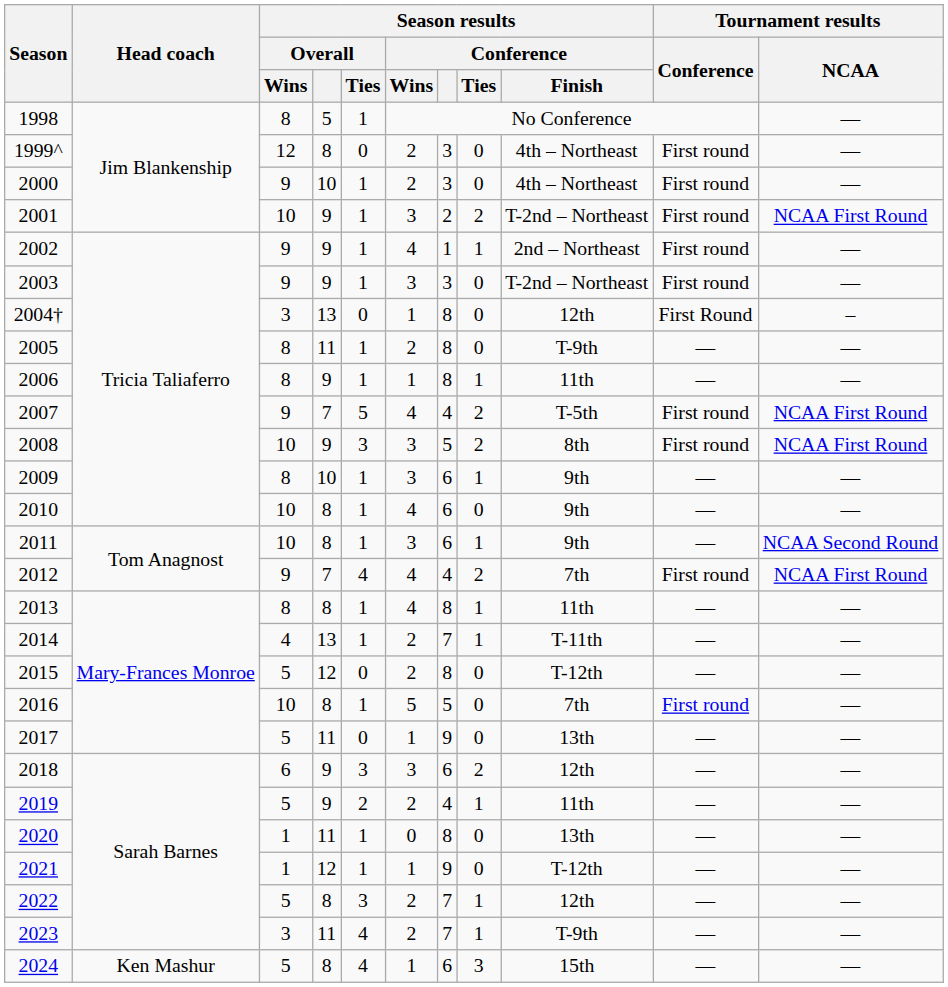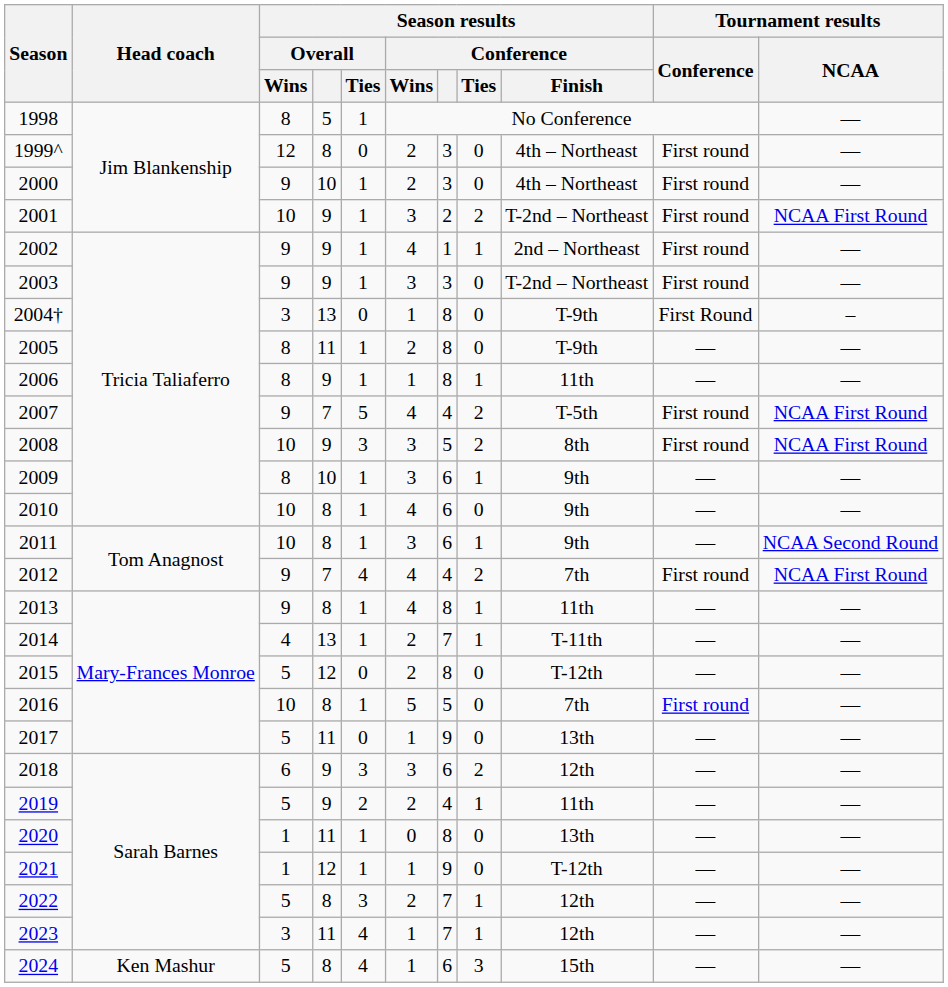 <table class="wikitable" style="font-size: 95%; text-align:center;">
 <tr>
 <th rowspan=3>Season</th>
 <th rowspan=3>Head coach</th>
 <th colspan=7>Season results</th>
 <th colspan=2>Tournament results</th>
 </tr>
 <tr>
 <th colspan=3>Overall</th>
 <th colspan=4>Conference</th>
 <th rowspan=2>Conference</th>
 <th rowspan=2>NCAA</th>
 </tr>
 <tr>
 <th>Wins</th>
 <th></th>
 <th>Ties</th>
 <th>Wins</th>
 <th></th>
 <th>Ties</th>
 <th>Finish</th>
 </tr>
 <tr>
 <td>1998</td>
 <td rowspan=4>Jim Blankenship</td>
 <td>8</td>
 <td>5</td>
 <td>1</td>
 <td colspan=5>No Conference</td>
 <td>—</td>
 </tr>
 <tr>
 <td>1999^</td>
 <td>12</td>
 <td>8</td>
 <td>0</td>
 <td>2</td>
 <td>3</td>
 <td>0</td>
 <td>4th – Northeast</td>
 <td>First round</td>
 <td>—</td>
 </tr>
 <tr>
 <td>2000</td>
 <td>9</td>
 <td>10</td>
 <td>1</td>
 <td>2</td>
 <td>3</td>
 <td>0</td>
 <td>4th – Northeast</td>
 <td>First round</td>
 <td>—</td>
 </tr>
 <tr>
 <td>2001</td>
 <td>10</td>
 <td>9</td>
 <td>1</td>
 <td>3</td>
 <td>2</td>
 <td>2</td>
 <td>T-2nd – Northeast</td>
 <td>First round</td>
 <td><a href='#'>NCAA First Round</a></td>
 </tr>
 <tr>
 <td>2002</td>
 <td rowspan=9>Tricia Taliaferro</td>
 <td>9</td>
 <td>9</td>
 <td>1</td>
 <td>4</td>
 <td>1</td>
 <td>1</td>
 <td>2nd – Northeast</td>
 <td>First round</td>
 <td>—</td>
 </tr>
 <tr>
 <td>2003</td>
 <td>9</td>
 <td>9</td>
 <td>1</td>
 <td>3</td>
 <td>3</td>
 <td>0</td>
 <td>T-2nd – Northeast</td>
 <td>First round</td>
 <td>—</td>
 </tr>
 <tr>
 <td>2004†</td>
 <td>3</td>
 <td>13</td>
 <td>0</td>
 <td>1</td>
 <td>8</td>
 <td>0</td>
-<td>12th</td>
+<td>T-9th</td>
 <td>First Round</td>
 <td>–</td>
 </tr>
 <tr>
 <td>2005</td>
 <td>8</td>
 <td>11</td>
 <td>1</td>
 <td>2</td>
 <td>8</td>
 <td>0</td>
 <td>T-9th</td>
 <td>—</td>
 <td>—</td>
 </tr>
 <tr>
 <td>2006</td>
 <td>8</td>
 <td>9</td>
 <td>1</td>
 <td>1</td>
 <td>8</td>
 <td>1</td>
 <td>11th</td>
 <td>—</td>
 <td>—</td>
 </tr>
 <tr>
 <td>2007</td>
 <td>9</td>
 <td>7</td>
 <td>5</td>
 <td>4</td>
 <td>4</td>
 <td>2</td>
 <td>T-5th</td>
 <td>First round</td>
 <td><a href='#'>NCAA First Round</a></td>
 </tr>
 <tr>
 <td>2008</td>
 <td>10</td>
 <td>9</td>
 <td>3</td>
 <td>3</td>
 <td>5</td>
 <td>2</td>
 <td>8th</td>
 <td>First round</td>
 <td><a href='#'>NCAA First Round</a></td>
 </tr>
 <tr>
 <td>2009</td>
 <td>8</td>
 <td>10</td>
 <td>1</td>
 <td>3</td>
 <td>6</td>
 <td>1</td>
 <td>9th</td>
 <td>—</td>
 <td>—</td>
 </tr>
 <tr>
 <td>2010</td>
 <td>10</td>
 <td>8</td>
 <td>1</td>
 <td>4</td>
 <td>6</td>
 <td>0</td>
 <td>9th</td>
 <td>—</td>
 <td>—</td>
 </tr>
 <tr>
 <td>2011</td>
 <td rowspan=2>Tom Anagnost</td>
 <td>10</td>
 <td>8</td>
 <td>1</td>
 <td>3</td>
 <td>6</td>
 <td>1</td>
 <td>9th</td>
 <td>—</td>
 <td><a href='#'>NCAA Second Round</a></td>
 </tr>
 <tr>
 <td>2012</td>
 <td>9</td>
 <td>7</td>
 <td>4</td>
 <td>4</td>
 <td>4</td>
 <td>2</td>
 <td>7th</td>
 <td>First round</td>
 <td><a href='#'>NCAA First Round</a></td>
 </tr>
 <tr>
 <td>2013</td>
 <td rowspan=5><a href='#'>Mary-Frances Monroe</a></td>
-<td>8</td>
+<td>9</td>
 <td>8</td>
 <td>1</td>
 <td>4</td>
 <td>8</td>
 <td>1</td>
 <td>11th</td>
 <td>—</td>
 <td>—</td>
 </tr>
 <tr>
 <td>2014</td>
 <td>4</td>
 <td>13</td>
 <td>1</td>
 <td>2</td>
 <td>7</td>
 <td>1</td>
 <td>T-11th</td>
 <td>—</td>
 <td>—</td>
 </tr>
 <tr>
 <td>2015</td>
 <td>5</td>
 <td>12</td>
 <td>0</td>
 <td>2</td>
 <td>8</td>
 <td>0</td>
 <td>T-12th</td>
 <td>—</td>
 <td>—</td>
 </tr>
 <tr>
 <td>2016</td>
 <td>10</td>
 <td>8</td>
 <td>1</td>
 <td>5</td>
 <td>5</td>
 <td>0</td>
 <td>7th</td>
 <td><a href='#'>First round</a></td>
 <td>—</td>
 </tr>
 <tr>
 <td>2017</td>
 <td>5</td>
 <td>11</td>
 <td>0</td>
 <td>1</td>
 <td>9</td>
 <td>0</td>
 <td>13th</td>
 <td>—</td>
 <td>—</td>
 </tr>
 <tr>
 <td>2018</td>
 <td rowspan=6>Sarah Barnes</td>
 <td>6</td>
 <td>9</td>
 <td>3</td>
 <td>3</td>
 <td>6</td>
 <td>2</td>
 <td>12th</td>
 <td>—</td>
 <td>—</td>
 </tr>
 <tr>
 <td><a href='#'>2019</a></td>
 <td>5</td>
 <td>9</td>
 <td>2</td>
 <td>2</td>
 <td>4</td>
 <td>1</td>
 <td>11th</td>
 <td>—</td>
 <td>—</td>
 </tr>
 <tr>
 <td><a href='#'>2020</a></td>
 <td>1</td>
 <td>11</td>
 <td>1</td>
 <td>0</td>
 <td>8</td>
 <td>0</td>
 <td>13th</td>
 <td>—</td>
 <td>—</td>
 </tr>
 <tr>
 <td><a href='#'>2021</a></td>
 <td>1</td>
 <td>12</td>
 <td>1</td>
 <td>1</td>
 <td>9</td>
 <td>0</td>
 <td>T-12th</td>
 <td>—</td>
 <td>—</td>
 </tr>
 <tr>
 <td><a href='#'>2022</a></td>
 <td>5</td>
 <td>8</td>
 <td>3</td>
 <td>2</td>
 <td>7</td>
 <td>1</td>
 <td>12th</td>
 <td>—</td>
 <td>—</td>
 </tr>
 <tr>
 <td><a href='#'>2023</a></td>
 <td>3</td>
 <td>11</td>
 <td>4</td>
-<td>2</td>
+<td>1</td>
 <td>7</td>
 <td>1</td>
-<td>T-9th</td>
+<td>12th</td>
 <td>—</td>
 <td>—</td>
 </tr>
 <tr>
 <td><a href='#'>2024</a></td>
 <td>Ken Mashur</td>
 <td>5</td>
 <td>8</td>
 <td>4</td>
 <td>1</td>
 <td>6</td>
 <td>3</td>
 <td>15th</td>
 <td>—</td>
 <td>—</td>
 </tr>
 </table>
